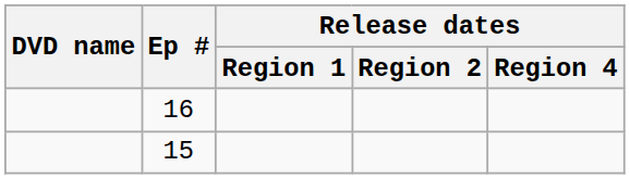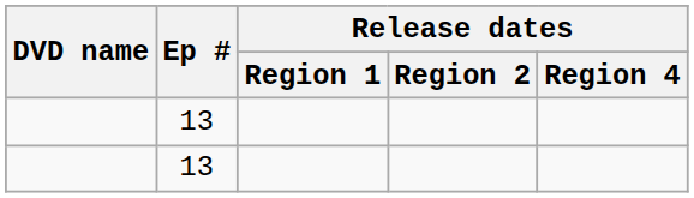 <table class="wikitable">
 <tr>
 <th rowspan="2">DVD name</th>
 <th rowspan="2">Ep #</th>
 <th colspan="3">Release dates</th>
 </tr>
 <tr>
 <th>Region 1</th>
 <th>Region 2</th>
 <th>Region 4</th>
 </tr>
 <tr>
 <td></td>
-<td align="center">16</td>
+<td align="center">13</td>
 <td></td>
 <td></td>
 <td></td>
 </tr>
 <tr>
 <td></td>
-<td align="center">15</td>
+<td align="center">13</td>
 <td></td>
 <td></td>
 <td></td>
 </tr>
 </table>
